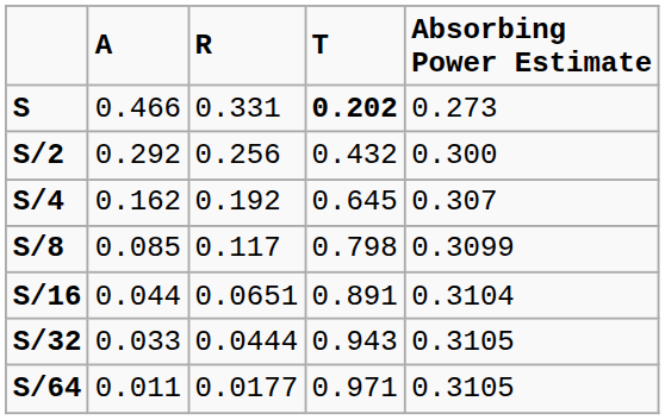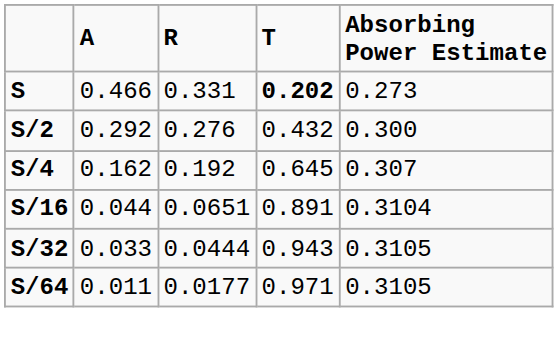 <table class="wikitable">
 <tr>
 <td></td>
 <td><strong>A</strong></td>
 <td><strong>R</strong></td>
 <td><strong>T</strong></td>
 <td><strong>Absorbing</strong><br><strong>Power</strong>  <strong>Estimate</strong></td>
 </tr>
 <tr>
 <td><strong>S</strong></td>
 <td>0.466</td>
 <td>0.331</td>
 <td><strong>0.202</strong></td>
 <td>0.273</td>
 </tr>
 <tr>
 <td><strong>S/2</strong></td>
 <td>0.292</td>
-<td>0.256</td>
+<td>0.276</td>
 <td>0.432</td>
 <td>0.300</td>
 </tr>
 <tr>
 <td><strong>S/4</strong></td>
 <td>0.162</td>
 <td>0.192</td>
 <td>0.645</td>
 <td>0.307</td>
-</tr>
-<tr>
-<td><strong>S/8</strong></td>
-<td>0.085</td>
-<td>0.117</td>
-<td>0.798</td>
-<td>0.3099</td>
 </tr>
 <tr>
 <td><strong>S/16</strong></td>
 <td>0.044</td>
 <td>0.0651</td>
 <td>0.891</td>
 <td>0.3104</td>
 </tr>
 <tr>
 <td><strong>S/32</strong></td>
 <td>0.033</td>
 <td>0.0444</td>
 <td>0.943</td>
 <td>0.3105</td>
 </tr>
 <tr>
 <td><strong>S/64</strong></td>
 <td>0.011</td>
 <td>0.0177</td>
 <td>0.971</td>
 <td>0.3105</td>
 </tr>
 </table>
